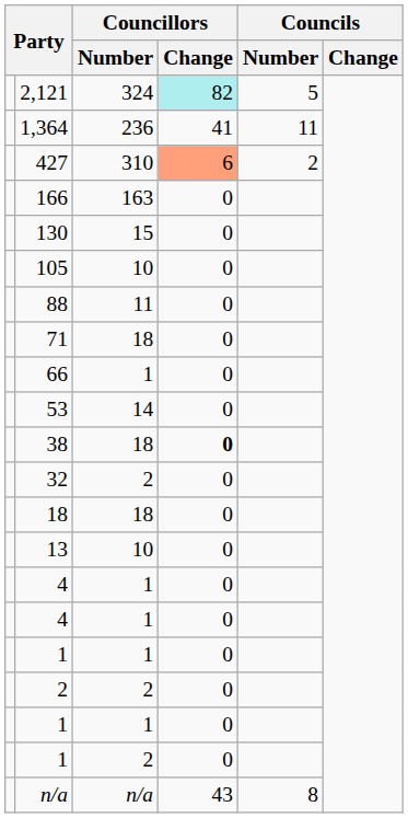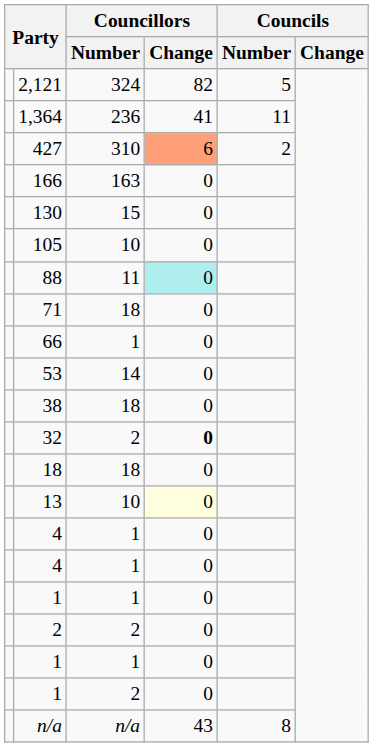 <table class="wikitable" style="text-align:right; font-size:95%;">
 <tr>
 <th colspan="2" rowspan="2">Party</th>
 <th colspan="2">Councillors</th>
 <th colspan="2">Councils</th>
 </tr>
 <tr>
 <th scope="col">Number</th>
 <th scope="col">Change</th>
 <th scope="col">Number</th>
 <th scope="col">Change</th>
 </tr>
 <tr>
 <td></td>
 <td>2,121</td>
 <td>324</td>
-<td style="background: paleturquoise;">82</td>
+<td>82</td>
 <td>5</td>
 </tr>
 <tr>
 <td></td>
 <td>1,364</td>
 <td>236</td>
 <td>41</td>
 <td>11</td>
 </tr>
 <tr>
 <td></td>
 <td>427</td>
 <td>310</td>
 <td style="background: lightsalmon;">6</td>
 <td>2</td>
 </tr>
 <tr>
 <td></td>
 <td>166</td>
 <td>163</td>
 <td>0</td>
 <td></td>
 </tr>
 <tr>
 <td></td>
 <td>130</td>
 <td>15</td>
 <td>0</td>
 <td></td>
 </tr>
 <tr>
 <td></td>
 <td>105</td>
 <td>10</td>
 <td>0</td>
 <td></td>
 </tr>
 <tr>
 <td></td>
 <td>88</td>
 <td>11</td>
-<td>0</td>
+<td style="background: paleturquoise;">0</td>
 <td></td>
 </tr>
 <tr>
 <td></td>
 <td>71</td>
 <td>18</td>
 <td>0</td>
 <td></td>
 </tr>
 <tr>
 <td></td>
 <td>66</td>
 <td>1</td>
 <td>0</td>
 <td></td>
 </tr>
 <tr>
 <td></td>
 <td>53</td>
 <td>14</td>
 <td>0</td>
 <td></td>
 </tr>
 <tr>
 <td></td>
 <td>38</td>
 <td>18</td>
-<td><strong>0</strong></td>
+<td>0</td>
 <td></td>
 </tr>
 <tr>
 <td></td>
 <td>32</td>
 <td>2</td>
-<td>0</td>
+<td><strong>0</strong></td>
 <td></td>
 </tr>
 <tr>
 <td></td>
 <td>18</td>
 <td>18</td>
 <td>0</td>
 <td></td>
 </tr>
 <tr>
 <td></td>
 <td>13</td>
 <td>10</td>
-<td>0</td>
+<td style="background: lightyellow;">0</td>
 <td></td>
 </tr>
 <tr>
 <td></td>
 <td>4</td>
 <td>1</td>
 <td>0</td>
 <td></td>
 </tr>
 <tr>
 <td></td>
 <td>4</td>
 <td>1</td>
 <td>0</td>
 <td></td>
 </tr>
 <tr>
 <td></td>
 <td>1</td>
 <td>1</td>
 <td>0</td>
 <td></td>
 </tr>
 <tr>
 <td></td>
 <td>2</td>
 <td>2</td>
 <td>0</td>
 <td></td>
 </tr>
 <tr>
 <td></td>
 <td>1</td>
 <td>1</td>
 <td>0</td>
 <td></td>
 </tr>
 <tr>
 <td></td>
 <td>1</td>
 <td>2</td>
 <td>0</td>
 <td></td>
 </tr>
 <tr>
 <td></td>
 <td><em>n/a</em></td>
 <td><em>n/a</em></td>
 <td>43</td>
 <td>8</td>
 </tr>
 </table>
